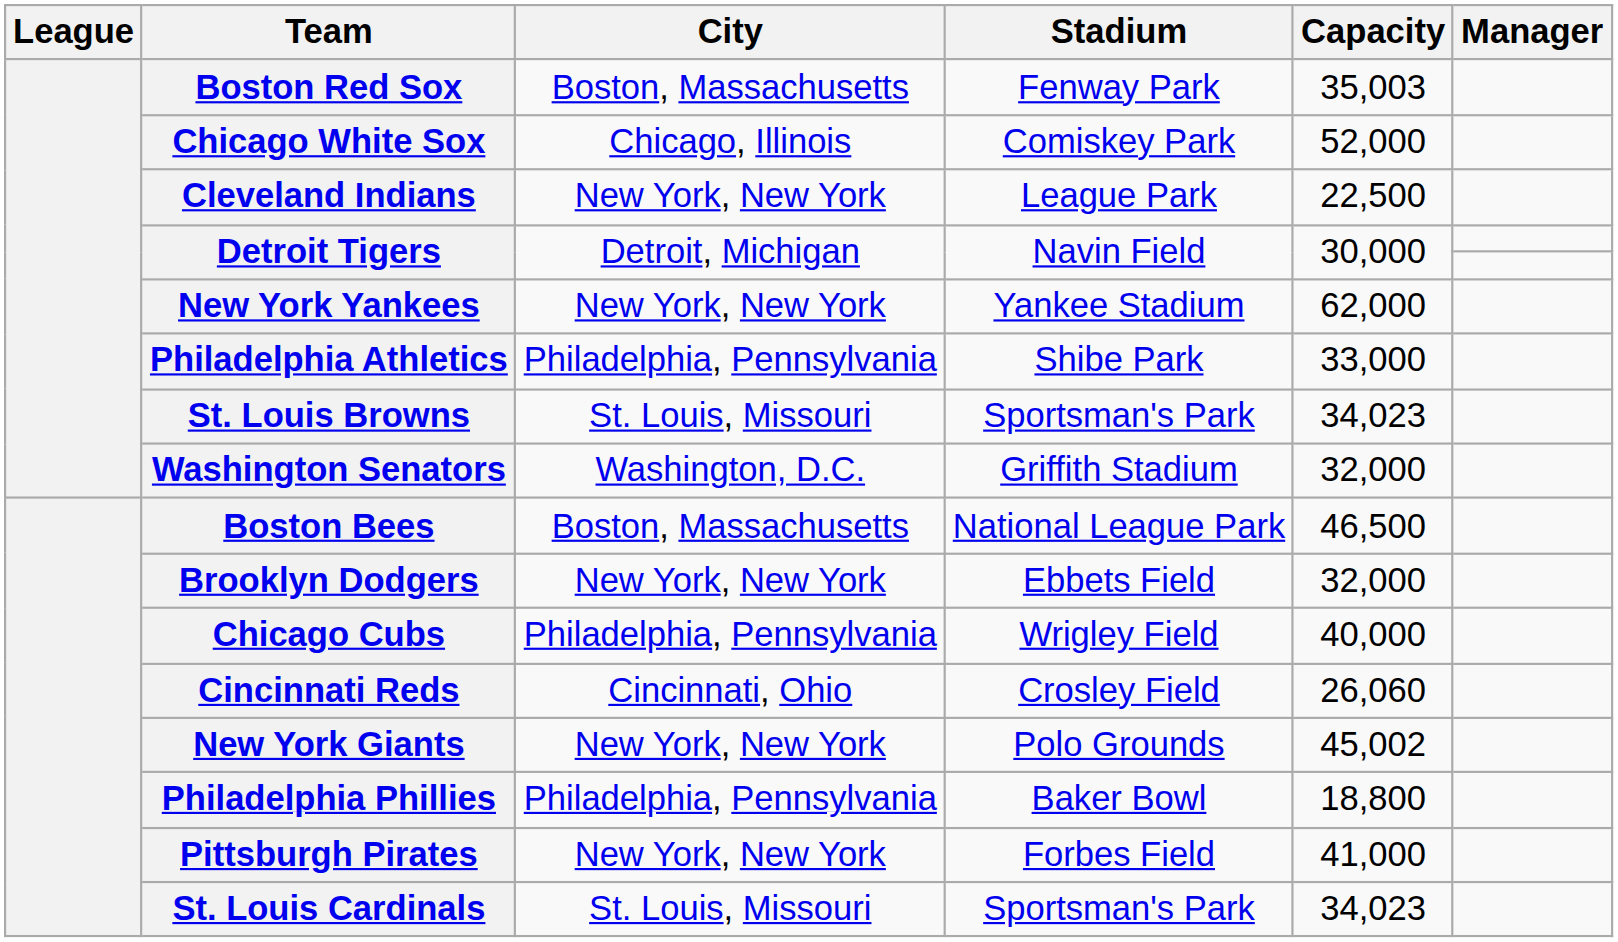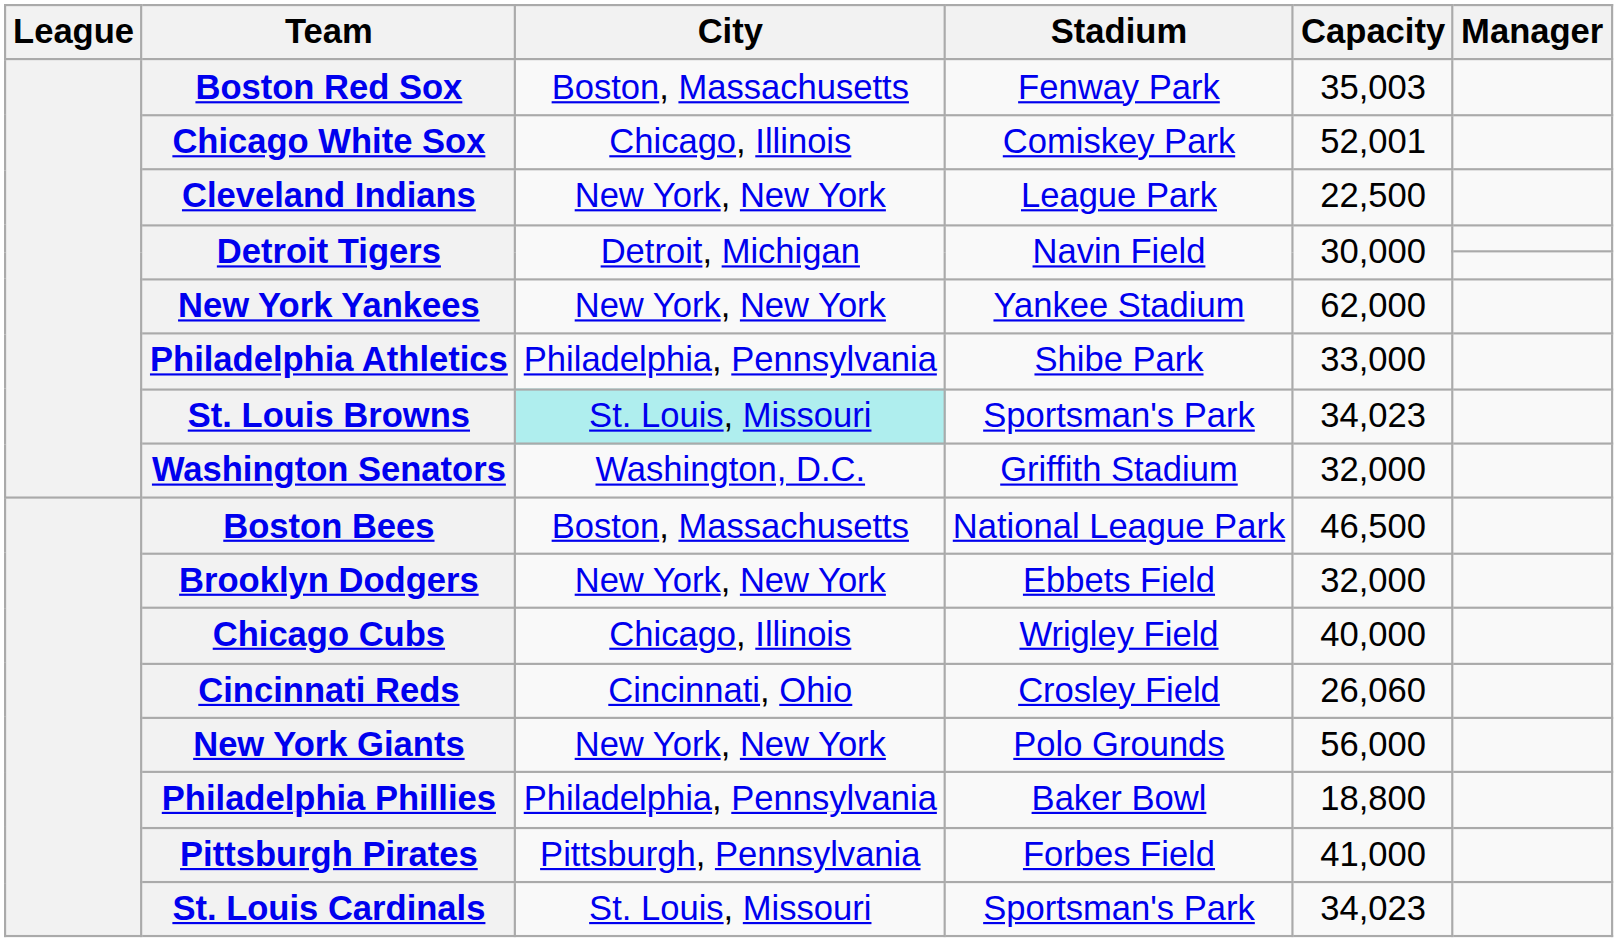 <table class="wikitable sortable plainrowheaders" style="text-align:center;">
 <tr>
 <th scope="col">League</th>
 <th scope="col">Team</th>
 <th scope="col">City</th>
 <th scope="col">Stadium</th>
 <th scope="col">Capacity</th>
 <th scope="col">Manager</th>
 </tr>
 <tr>
 <th rowspan="9"></th>
 <th scope="row"><a href='#'>Boston Red Sox</a></th>
 <td><a href='#'>Boston</a>, <a href='#'>Massachusetts</a></td>
 <td><a href='#'>Fenway Park</a></td>
 <td>35,003</td>
 <td></td>
 </tr>
 <tr>
 <th scope="row"><a href='#'>Chicago White Sox</a></th>
 <td><a href='#'>Chicago</a>, <a href='#'>Illinois</a></td>
 <td><a href='#'>Comiskey Park</a></td>
-<td>52,000</td>
+<td>52,001</td>
 <td></td>
 </tr>
 <tr>
 <th scope="row"><a href='#'>Cleveland Indians</a></th>
 <td><a href='#'>New York</a>, <a href='#'>New York</a></td>
 <td><a href='#'>League Park</a></td>
 <td>22,500</td>
 <td></td>
 </tr>
 <tr>
 <th rowspan="2" scope="row"><a href='#'>Detroit Tigers</a></th>
 <td rowspan="2"><a href='#'>Detroit</a>, <a href='#'>Michigan</a></td>
 <td rowspan="2"><a href='#'>Navin Field</a></td>
 <td rowspan="2">30,000</td>
 <td></td>
 </tr>
 <tr>
 <td></td>
 </tr>
 <tr>
 <th scope="row"><a href='#'>New York Yankees</a></th>
 <td><a href='#'>New York</a>, <a href='#'>New York</a></td>
 <td><a href='#'>Yankee Stadium</a></td>
 <td>62,000</td>
 <td></td>
 </tr>
 <tr>
 <th scope="row"><a href='#'>Philadelphia Athletics</a></th>
 <td><a href='#'>Philadelphia</a>, <a href='#'>Pennsylvania</a></td>
 <td><a href='#'>Shibe Park</a></td>
 <td>33,000</td>
 <td></td>
 </tr>
 <tr>
 <th scope="row"><a href='#'>St. Louis Browns</a></th>
-<td><a href='#'>St. Louis</a>, <a href='#'>Missouri</a></td>
+<td style="background: paleturquoise;"><a href='#'>St. Louis</a>, <a href='#'>Missouri</a></td>
 <td><a href='#'>Sportsman's Park</a></td>
 <td>34,023</td>
 <td></td>
 </tr>
 <tr>
 <th scope="row"><a href='#'>Washington Senators</a></th>
 <td><a href='#'>Washington, D.C.</a></td>
 <td><a href='#'>Griffith Stadium</a></td>
 <td>32,000</td>
 <td></td>
 </tr>
 <tr>
 <th rowspan="8"></th>
 <th scope="row"><a href='#'>Boston Bees</a></th>
 <td><a href='#'>Boston</a>, <a href='#'>Massachusetts</a></td>
 <td><a href='#'>National League Park</a></td>
 <td>46,500</td>
 <td></td>
 </tr>
 <tr>
 <th scope="row"><a href='#'>Brooklyn Dodgers</a></th>
 <td><a href='#'>New York</a>, <a href='#'>New York</a></td>
 <td><a href='#'>Ebbets Field</a></td>
 <td>32,000</td>
 <td></td>
 </tr>
 <tr>
 <th scope="row"><a href='#'>Chicago Cubs</a></th>
-<td><a href='#'>Philadelphia</a>, <a href='#'>Pennsylvania</a></td>
+<td><a href='#'>Chicago</a>, <a href='#'>Illinois</a></td>
 <td><a href='#'>Wrigley Field</a></td>
 <td>40,000</td>
 <td></td>
 </tr>
 <tr>
 <th scope="row"><a href='#'>Cincinnati Reds</a></th>
 <td><a href='#'>Cincinnati</a>, <a href='#'>Ohio</a></td>
 <td><a href='#'>Crosley Field</a></td>
 <td>26,060</td>
 <td></td>
 </tr>
 <tr>
 <th scope="row"><a href='#'>New York Giants</a></th>
 <td><a href='#'>New York</a>, <a href='#'>New York</a></td>
 <td><a href='#'>Polo Grounds</a></td>
-<td>45,002</td>
+<td>56,000</td>
 <td></td>
 </tr>
 <tr>
 <th scope="row"><a href='#'>Philadelphia Phillies</a></th>
 <td><a href='#'>Philadelphia</a>, <a href='#'>Pennsylvania</a></td>
 <td><a href='#'>Baker Bowl</a></td>
 <td>18,800</td>
 <td></td>
 </tr>
 <tr>
 <th scope="row"><a href='#'>Pittsburgh Pirates</a></th>
-<td><a href='#'>New York</a>, <a href='#'>New York</a></td>
+<td><a href='#'>Pittsburgh</a>, <a href='#'>Pennsylvania</a></td>
 <td><a href='#'>Forbes Field</a></td>
 <td>41,000</td>
 <td></td>
 </tr>
 <tr>
 <th scope="row"><a href='#'>St. Louis Cardinals</a></th>
 <td><a href='#'>St. Louis</a>, <a href='#'>Missouri</a></td>
 <td><a href='#'>Sportsman's Park</a></td>
 <td>34,023</td>
 <td></td>
 </tr>
 </table>
